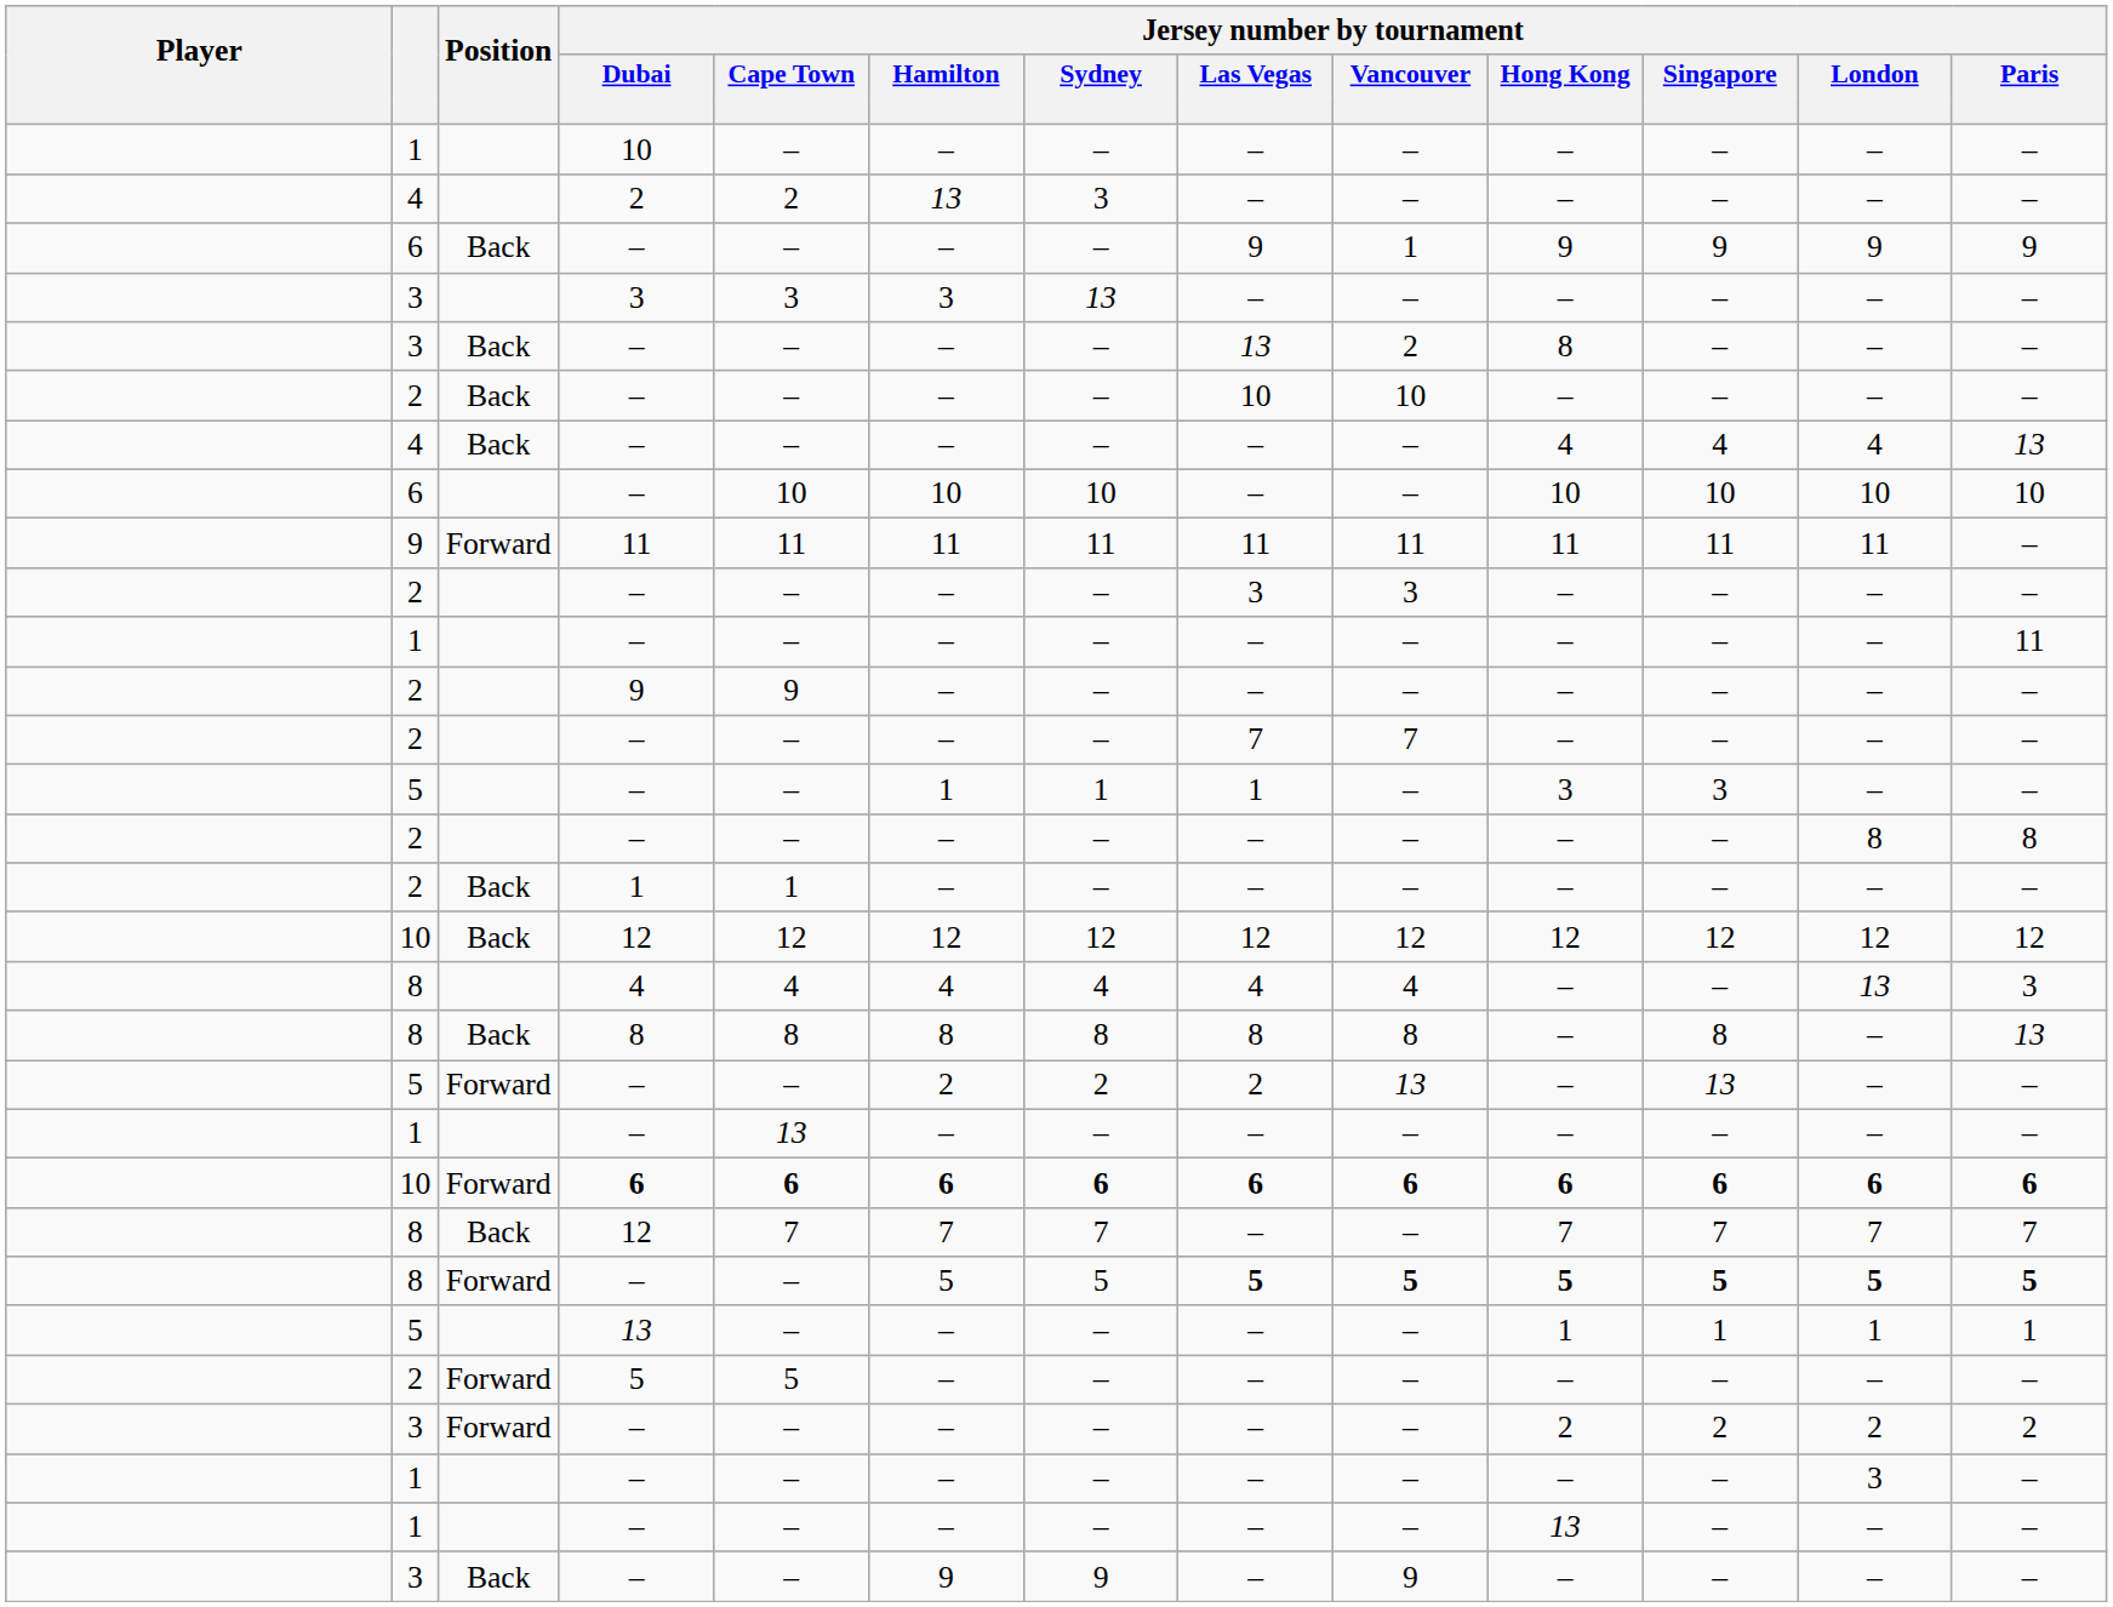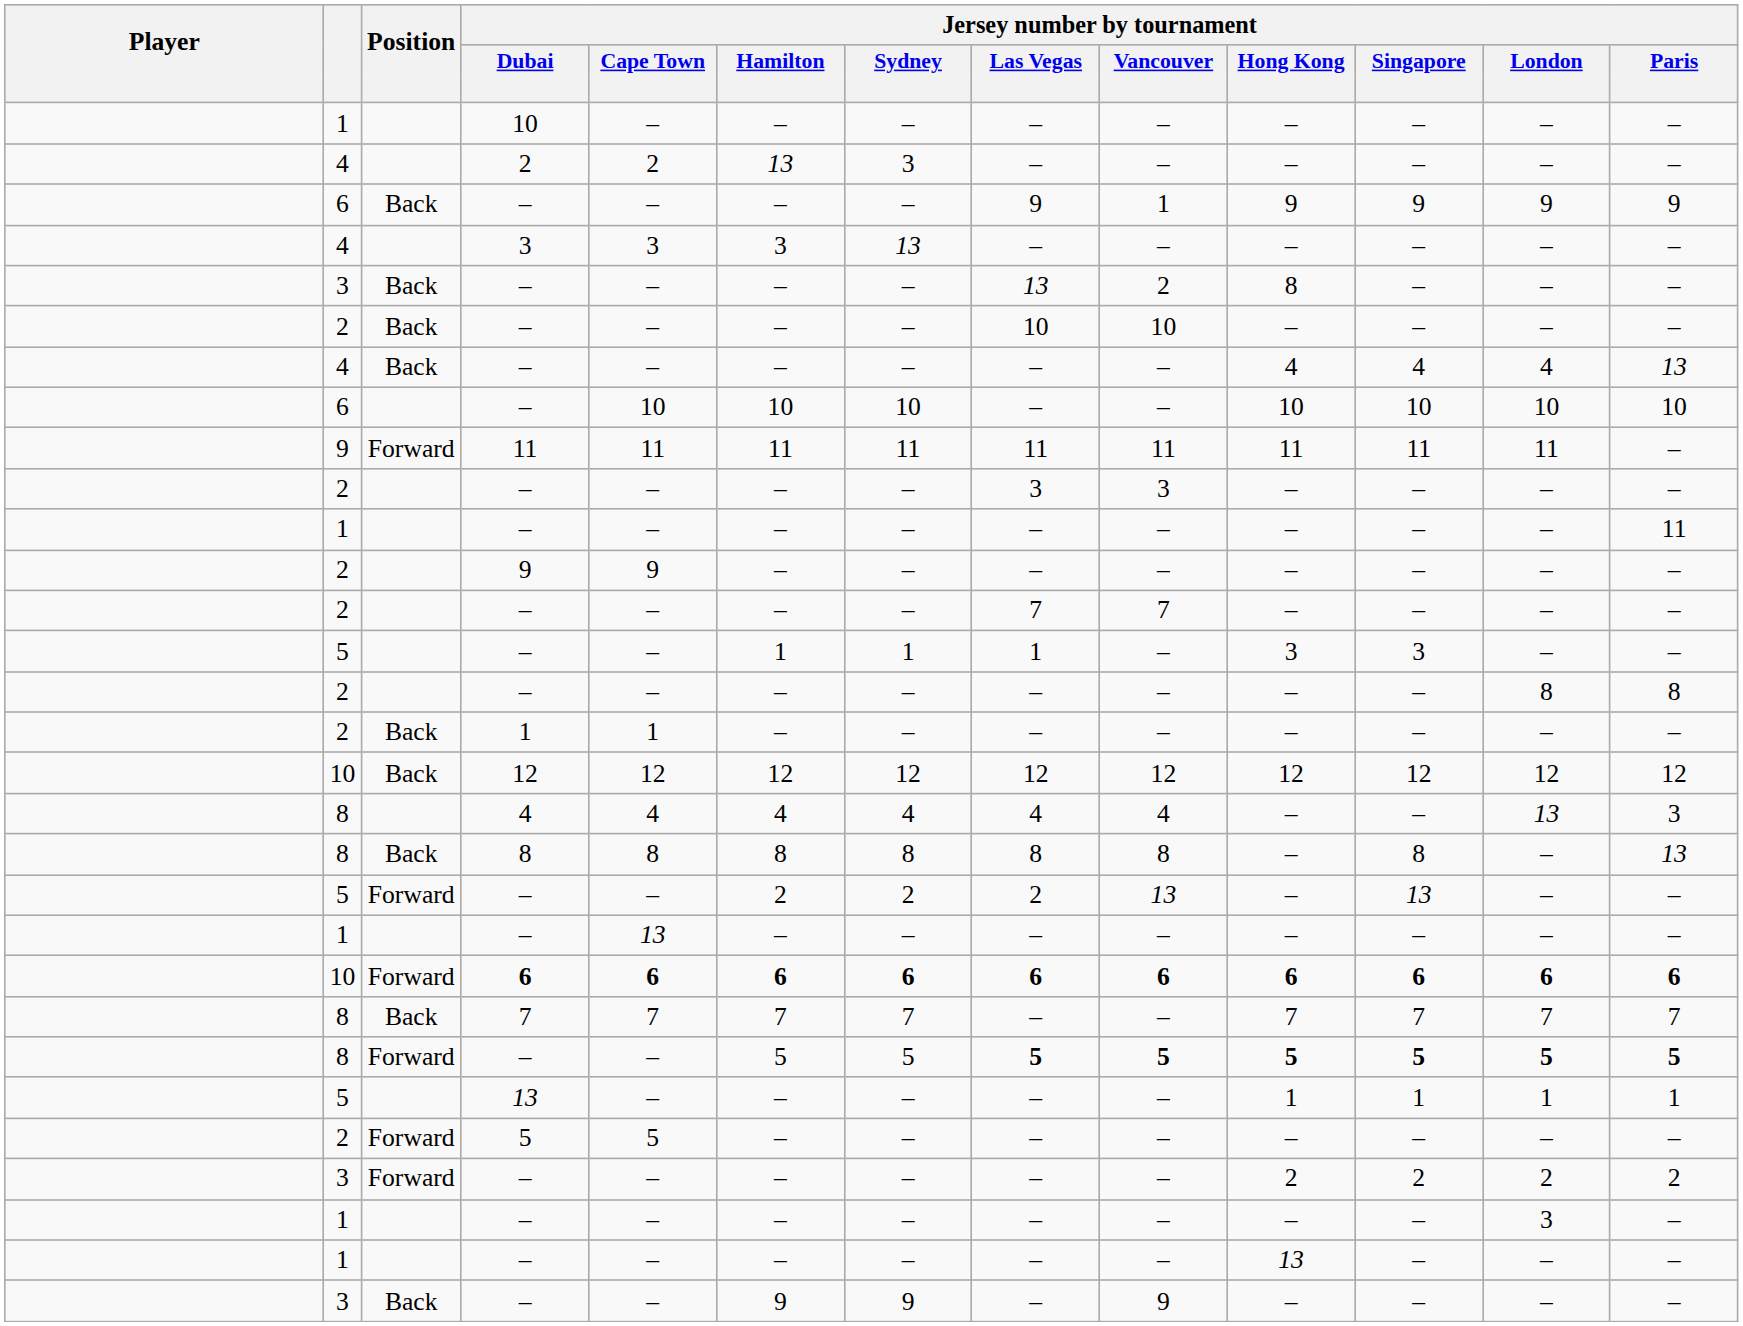 <table class="wikitable sortable" style="text-align:center;">
 <tr>
 <th rowspan=2 style="border-bottom:0px; width:12em;">Player</th>
 <th rowspan=2 style="border-bottom:0px;"></th>
 <th rowspan=2 style="border-bottom:0px;">Position</th>
 <th colspan=10 style="font-size:95%;">Jersey number by tournament</th>
 </tr>
 <tr>
 <th style="vertical-align:top;width:5.5em;border-bottom:1px solid transparent;padding:2px;font-size:85%;"><a href='#'>Dubai</a></th>
 <th style="vertical-align:top;width:5.5em;border-bottom:1px solid transparent;padding:2px;font-size:85%;"><a href='#'>Cape Town</a></th>
 <th style="vertical-align:top;width:5.5em;border-bottom:1px solid transparent;padding:2px;font-size:85%;"><a href='#'>Hamilton</a></th>
 <th style="vertical-align:top;width:5.5em;border-bottom:1px solid transparent;padding:2px;font-size:85%;"><a href='#'>Sydney</a></th>
 <th style="vertical-align:top;width:5.5em;border-bottom:1px solid transparent;padding:2px;font-size:85%;"><a href='#'>Las Vegas</a></th>
 <th style="vertical-align:top;width:5.5em;border-bottom:1px solid transparent;padding:2px;font-size:85%;"><a href='#'>Vancouver</a></th>
 <th style="vertical-align:top;width:5.5em;border-bottom:1px solid transparent;padding:2px;font-size:85%;"><a href='#'>Hong Kong</a></th>
 <th style="vertical-align:top;width:5.5em;border-bottom:1px solid transparent;padding:2px;font-size:85%;"><a href='#'>Singapore</a></th>
 <th style="vertical-align:top;width:5.5em;border-bottom:1px solid transparent;padding:2px;font-size:85%;"><a href='#'>London</a></th>
 <th style="vertical-align:top;width:5.5em;border-bottom:1px solid transparent;padding:2px;font-size:85%;"><a href='#'>Paris</a></th>
 </tr>
 <tr style="line-height:8px;">
 <th style="border-top:1px solid transparent;"></th>
 <th style="border-top:1px solid transparent;"> </th>
 <th style="border-top:1px solid transparent;"> </th>
 <th data-sort-type="number" style="border-top:1px solid transparent;"></th>
 <th data-sort-type="number" style="border-top:1px solid transparent;"></th>
 <th data-sort-type="number" style="border-top:1px solid transparent;"></th>
 <th data-sort-type="number" style="border-top:1px solid transparent;"></th>
 <th data-sort-type="number" style="border-top:1px solid transparent;"></th>
 <th data-sort-type="number" style="border-top:1px solid transparent;"></th>
 <th data-sort-type="number" style="border-top:1px solid transparent;"></th>
 <th data-sort-type="number" style="border-top:1px solid transparent;"></th>
 <th data-sort-type="number" style="border-top:1px solid transparent;"></th>
 <th data-sort-type="number" style="border-top:1px solid transparent;"></th>
 </tr>
 <tr>
 <td align=left></td>
 <td>1</td>
 <td></td>
 <td>10</td>
 <td>–</td>
 <td>–</td>
 <td>–</td>
 <td>–</td>
 <td>–</td>
 <td>–</td>
 <td>–</td>
 <td>–</td>
 <td>–</td>
 </tr>
 <tr>
 <td align=left></td>
 <td>4</td>
 <td></td>
 <td>2</td>
 <td>2</td>
 <td><em>13</em></td>
 <td>3</td>
 <td>–</td>
 <td>–</td>
 <td>–</td>
 <td>–</td>
 <td>–</td>
 <td>–</td>
 </tr>
 <tr>
 <td align=left></td>
 <td>6</td>
 <td>Back</td>
 <td>–</td>
 <td>–</td>
 <td>–</td>
 <td>–</td>
 <td>9</td>
 <td>1</td>
 <td>9</td>
 <td>9</td>
 <td>9</td>
 <td>9</td>
 </tr>
 <tr>
 <td align=left></td>
-<td>3</td>
+<td>4</td>
 <td></td>
 <td>3</td>
 <td>3</td>
 <td>3</td>
 <td><em>13</em></td>
 <td>–</td>
 <td>–</td>
 <td>–</td>
 <td>–</td>
 <td>–</td>
 <td>–</td>
 </tr>
 <tr>
 <td align=left></td>
 <td>3</td>
 <td>Back</td>
 <td>–</td>
 <td>–</td>
 <td>–</td>
 <td>–</td>
 <td><em>13</em></td>
 <td>2</td>
 <td>8</td>
 <td>–</td>
 <td>–</td>
 <td>–</td>
 </tr>
 <tr>
 <td align=left></td>
 <td>2</td>
 <td>Back</td>
 <td>–</td>
 <td>–</td>
 <td>–</td>
 <td>–</td>
 <td>10</td>
 <td>10</td>
 <td>–</td>
 <td>–</td>
 <td>–</td>
 <td>–</td>
 </tr>
 <tr>
 <td align=left></td>
 <td>4</td>
 <td>Back</td>
 <td>–</td>
 <td>–</td>
 <td>–</td>
 <td>–</td>
 <td>–</td>
 <td>–</td>
 <td>4</td>
 <td>4</td>
 <td>4</td>
 <td><em>13</em></td>
 </tr>
 <tr>
 <td align=left></td>
 <td>6</td>
 <td></td>
 <td>–</td>
 <td>10</td>
 <td>10</td>
 <td>10</td>
 <td>–</td>
 <td>–</td>
 <td>10</td>
 <td>10</td>
 <td>10</td>
 <td>10</td>
 </tr>
 <tr>
 <td align=left></td>
 <td>9</td>
 <td>Forward</td>
 <td>11</td>
 <td>11</td>
 <td>11</td>
 <td>11</td>
 <td>11</td>
 <td>11</td>
 <td>11</td>
 <td>11</td>
 <td>11</td>
 <td>–</td>
 </tr>
 <tr>
 <td align=left></td>
 <td>2</td>
 <td></td>
 <td>–</td>
 <td>–</td>
 <td>–</td>
 <td>–</td>
 <td>3</td>
 <td>3</td>
 <td>–</td>
 <td>–</td>
 <td>–</td>
 <td>–</td>
 </tr>
 <tr>
 <td align=left></td>
 <td>1</td>
 <td></td>
 <td>–</td>
 <td>–</td>
 <td>–</td>
 <td>–</td>
 <td>–</td>
 <td>–</td>
 <td>–</td>
 <td>–</td>
 <td>–</td>
 <td>11</td>
 </tr>
 <tr>
 <td align=left></td>
 <td>2</td>
 <td></td>
 <td>9</td>
 <td>9</td>
 <td>–</td>
 <td>–</td>
 <td>–</td>
 <td>–</td>
 <td>–</td>
 <td>–</td>
 <td>–</td>
 <td>–</td>
 </tr>
 <tr>
 <td align=left></td>
 <td>2</td>
 <td></td>
 <td>–</td>
 <td>–</td>
 <td>–</td>
 <td>–</td>
 <td>7</td>
 <td>7</td>
 <td>–</td>
 <td>–</td>
 <td>–</td>
 <td>–</td>
 </tr>
 <tr>
 <td align=left></td>
 <td>5</td>
 <td></td>
 <td>–</td>
 <td>–</td>
 <td>1</td>
 <td>1</td>
 <td>1</td>
 <td>–</td>
 <td>3</td>
 <td>3</td>
 <td>–</td>
 <td>–</td>
 </tr>
 <tr>
 <td align=left></td>
 <td>2</td>
 <td></td>
 <td>–</td>
 <td>–</td>
 <td>–</td>
 <td>–</td>
 <td>–</td>
 <td>–</td>
 <td>–</td>
 <td>–</td>
 <td>8</td>
 <td>8</td>
 </tr>
 <tr>
 <td align=left></td>
 <td>2</td>
 <td>Back</td>
 <td>1</td>
 <td>1</td>
 <td>–</td>
 <td>–</td>
 <td>–</td>
 <td>–</td>
 <td>–</td>
 <td>–</td>
 <td>–</td>
 <td>–</td>
 </tr>
 <tr>
 <td align=left></td>
 <td>10</td>
 <td>Back</td>
 <td>12</td>
 <td>12</td>
 <td>12</td>
 <td>12</td>
 <td>12</td>
 <td>12</td>
 <td>12</td>
 <td>12</td>
 <td>12</td>
 <td>12</td>
 </tr>
 <tr>
 <td align=left></td>
 <td>8</td>
 <td></td>
 <td>4</td>
 <td>4</td>
 <td>4</td>
 <td>4</td>
 <td>4</td>
 <td>4</td>
 <td>–</td>
 <td>–</td>
 <td><em>13</em></td>
 <td>3</td>
 </tr>
 <tr>
 <td align=left></td>
 <td>8</td>
 <td>Back</td>
 <td>8</td>
 <td>8</td>
 <td>8</td>
 <td>8</td>
 <td>8</td>
 <td>8</td>
 <td>–</td>
 <td>8</td>
 <td>–</td>
 <td><em>13</em></td>
 </tr>
 <tr>
 <td align=left></td>
 <td>5</td>
 <td>Forward</td>
 <td>–</td>
 <td>–</td>
 <td>2</td>
 <td>2</td>
 <td>2</td>
 <td><em>13</em></td>
 <td>–</td>
 <td><em>13</em></td>
 <td>–</td>
 <td>–</td>
 </tr>
 <tr>
 <td align=left></td>
 <td>1</td>
 <td></td>
 <td>–</td>
 <td><em>13</em></td>
 <td>–</td>
 <td>–</td>
 <td>–</td>
 <td>–</td>
 <td>–</td>
 <td>–</td>
 <td>–</td>
 <td>–</td>
 </tr>
 <tr>
 <td align=left></td>
 <td>10</td>
 <td>Forward</td>
 <td><strong>6</strong></td>
 <td><strong>6</strong></td>
 <td><strong>6</strong></td>
 <td><strong>6</strong></td>
 <td><strong>6</strong></td>
 <td><strong>6</strong></td>
 <td><strong>6</strong></td>
 <td><strong>6</strong></td>
 <td><strong>6</strong></td>
 <td><strong>6</strong></td>
 </tr>
 <tr>
 <td align=left></td>
 <td>8</td>
 <td>Back</td>
-<td>12</td>
+<td>7</td>
 <td>7</td>
 <td>7</td>
 <td>7</td>
 <td>–</td>
 <td>–</td>
 <td>7</td>
 <td>7</td>
 <td>7</td>
 <td>7</td>
 </tr>
 <tr>
 <td align=left></td>
 <td>8</td>
 <td>Forward</td>
 <td>–</td>
 <td>–</td>
 <td>5</td>
 <td>5</td>
 <td><strong>5</strong></td>
 <td><strong>5</strong></td>
 <td><strong>5</strong></td>
 <td><strong>5</strong></td>
 <td><strong>5</strong></td>
 <td><strong>5</strong></td>
 </tr>
 <tr>
 <td align=left></td>
 <td>5</td>
 <td></td>
 <td><em>13</em></td>
 <td>–</td>
 <td>–</td>
 <td>–</td>
 <td>–</td>
 <td>–</td>
 <td>1</td>
 <td>1</td>
 <td>1</td>
 <td>1</td>
 </tr>
 <tr>
 <td align=left></td>
 <td>2</td>
 <td>Forward</td>
 <td>5</td>
 <td>5</td>
 <td>–</td>
 <td>–</td>
 <td>–</td>
 <td>–</td>
 <td>–</td>
 <td>–</td>
 <td>–</td>
 <td>–</td>
 </tr>
 <tr>
 <td align=left></td>
 <td>3</td>
 <td>Forward</td>
 <td>–</td>
 <td>–</td>
 <td>–</td>
 <td>–</td>
 <td>–</td>
 <td>–</td>
 <td>2</td>
 <td>2</td>
 <td>2</td>
 <td>2</td>
 </tr>
 <tr>
 <td align=left></td>
 <td>1</td>
 <td></td>
 <td>–</td>
 <td>–</td>
 <td>–</td>
 <td>–</td>
 <td>–</td>
 <td>–</td>
 <td>–</td>
 <td>–</td>
 <td>3</td>
 <td>–</td>
 </tr>
 <tr>
 <td align=left></td>
 <td>1</td>
 <td></td>
 <td>–</td>
 <td>–</td>
 <td>–</td>
 <td>–</td>
 <td>–</td>
 <td>–</td>
 <td><em>13</em></td>
 <td>–</td>
 <td>–</td>
 <td>–</td>
 </tr>
 <tr>
 <td align=left></td>
 <td>3</td>
 <td>Back</td>
 <td>–</td>
 <td>–</td>
 <td>9</td>
 <td>9</td>
 <td>–</td>
 <td>9</td>
 <td>–</td>
 <td>–</td>
 <td>–</td>
 <td>–</td>
 </tr>
 </table>
